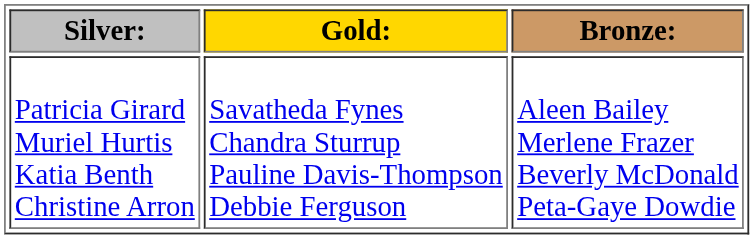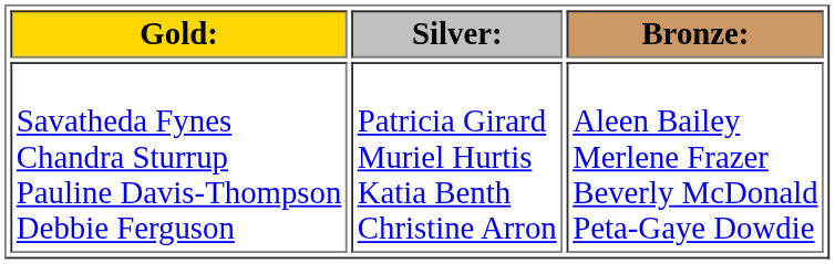 <table border="1" Cellpadding="2">
 <tr>
+<td style="text-align:center;background-color:gold;"><strong>Gold:</strong></td>
 <td style="text-align:center;background-color:silver;"><strong>Silver:</strong></td>
-<td style="text-align:center;background-color:gold;"><strong>Gold:</strong></td>
 <td style="text-align:center;background-color:#CC9966;"><strong>Bronze:</strong></td>
 </tr>
 <tr>
+<td><br><a href='#'>Savatheda Fynes</a><br><a href='#'>Chandra Sturrup</a><br><a href='#'>Pauline Davis-Thompson</a><br><a href='#'>Debbie Ferguson</a></td>
 <td><br><a href='#'>Patricia Girard</a><br><a href='#'>Muriel Hurtis</a><br><a href='#'>Katia Benth</a><br><a href='#'>Christine Arron</a></td>
-<td><br><a href='#'>Savatheda Fynes</a><br><a href='#'>Chandra Sturrup</a><br><a href='#'>Pauline Davis-Thompson</a><br><a href='#'>Debbie Ferguson</a></td>
 <td><br><a href='#'>Aleen Bailey</a><br><a href='#'>Merlene Frazer</a><br><a href='#'>Beverly McDonald</a><br><a href='#'>Peta-Gaye Dowdie</a></td>
 </tr>
 </table>
